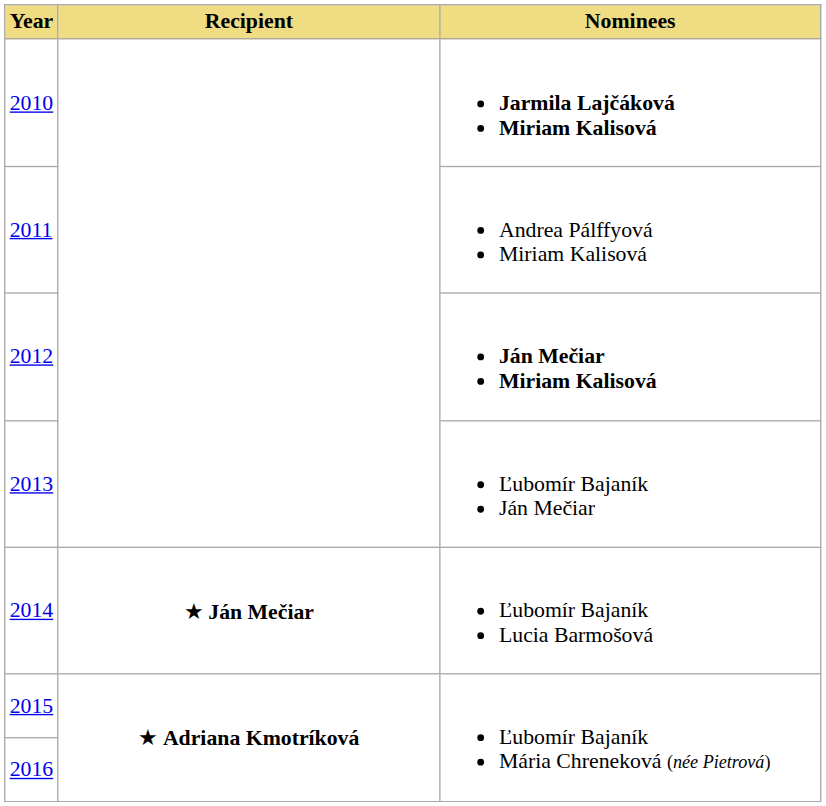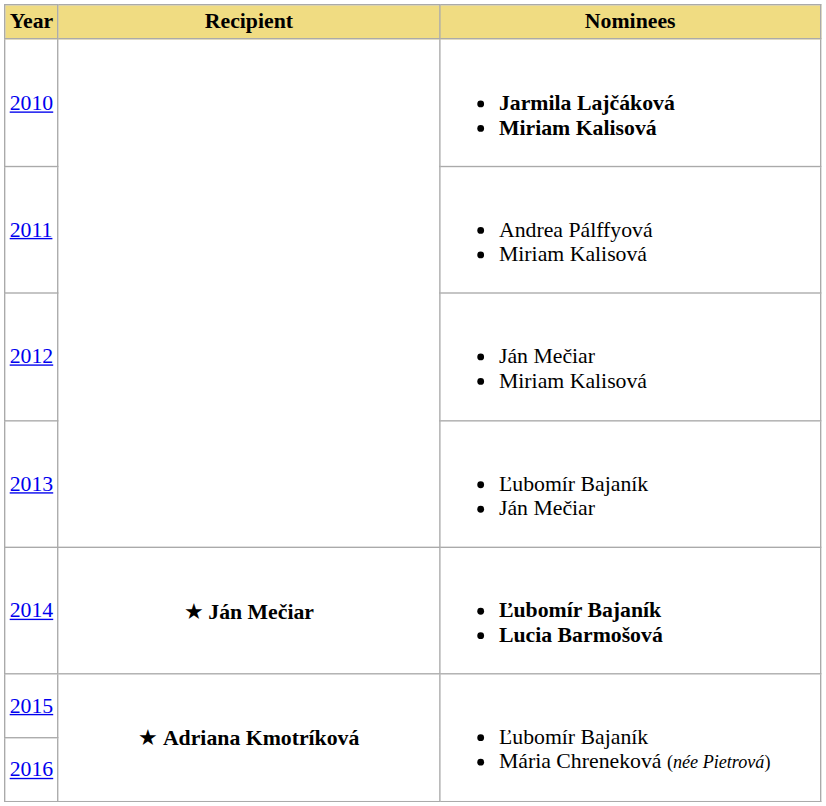 <table class=wikitable sortable style="background:white">
 <tr>
 <th style=background:#F0DC82>Year</th>
 <th style=background:#F0DC82 width=273>Recipient</th>
 <th style=background:#F0DC82 width=273>Nominees</th>
 </tr>
 <tr>
 <td><a href='#'>2010</a></td>
 <td align=center rowspan=4></td>
 <td><strong><br><ul><li>Jarmila Lajčáková</li><li>Miriam Kalisová</li></ul></strong></td>
 </tr>
 <tr>
 <td><a href='#'>2011</a></td>
 <td><br><ul><li>Andrea Pálffyová</li><li>Miriam Kalisová</li></ul></td>
 </tr>
 <tr>
 <td><a href='#'>2012</a></td>
-<td><strong><br><ul><li>Ján Mečiar</li><li>Miriam Kalisová</li></ul></strong></td>
+<td><br><ul><li>Ján Mečiar</li><li>Miriam Kalisová</li></ul></td>
 </tr>
 <tr>
 <td><a href='#'>2013</a></td>
 <td><br><ul><li>Ľubomír Bajaník</li><li>Ján Mečiar</li></ul></td>
 </tr>
 <tr>
 <td><a href='#'>2014</a></td>
 <td align=center>★ <strong>Ján Mečiar</strong></td>
-<td><br><ul><li>Ľubomír Bajaník</li><li>Lucia Barmošová</li></ul></td>
+<td><strong><br><ul><li>Ľubomír Bajaník</li><li>Lucia Barmošová</li></ul></strong></td>
 </tr>
 <tr>
 <td><a href='#'>2015</a></td>
 <td rowspan=2 align=center>★ <strong>Adriana Kmotríková</strong> <br></td>
 <td rowspan=2><br><ul><li>Ľubomír Bajaník</li><li>Mária Chreneková <small>(<em>née Pietrová</em>)</small></li></ul></td>
 </tr>
 <tr>
 <td><a href='#'>2016</a></td>
 </tr>
 </table>
